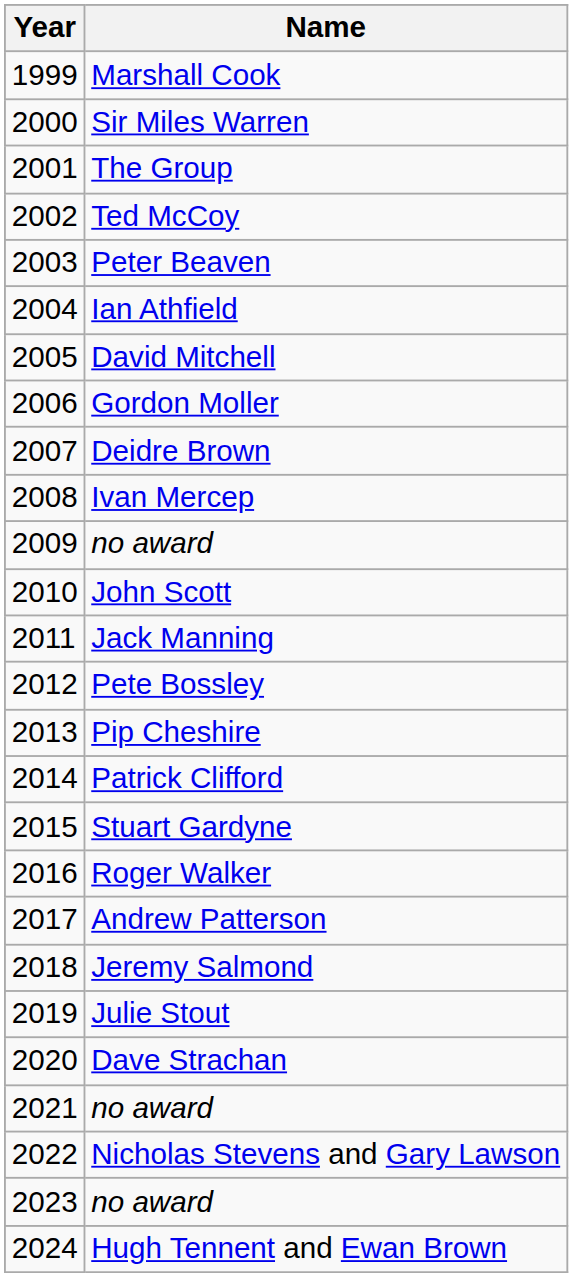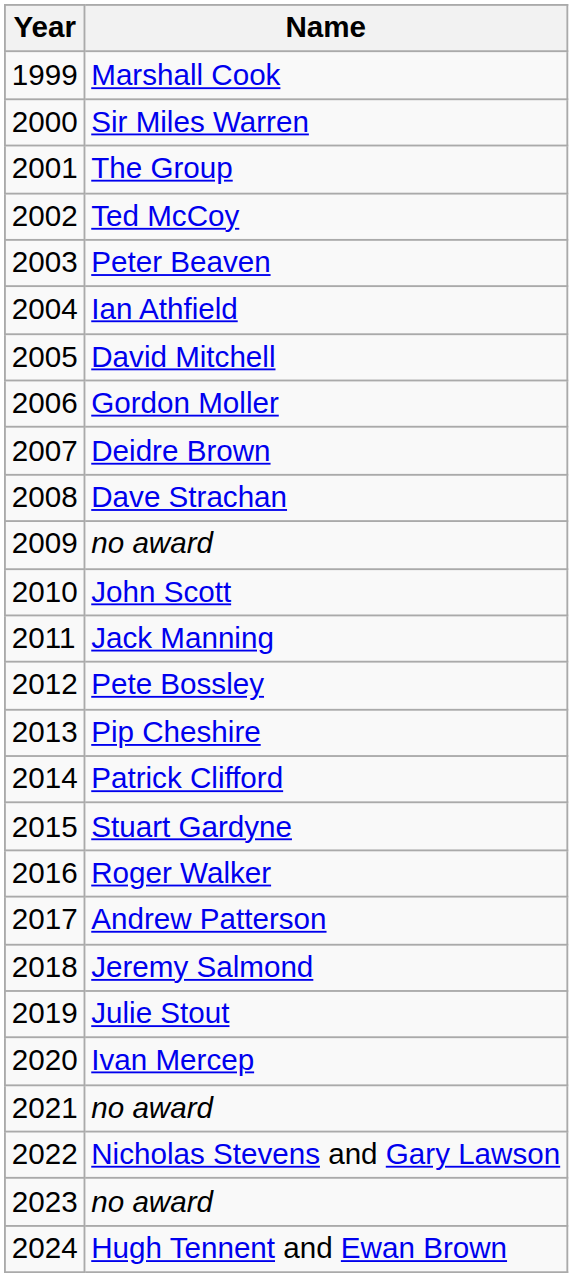 <table class="wikitable">
 <tr>
 <th>Year</th>
 <th>Name</th>
 </tr>
 <tr>
 <td>1999</td>
 <td><a href='#'>Marshall Cook</a></td>
 </tr>
 <tr>
 <td>2000</td>
 <td><a href='#'>Sir Miles Warren</a></td>
 </tr>
 <tr>
 <td>2001</td>
 <td><a href='#'>The Group</a></td>
 </tr>
 <tr>
 <td>2002</td>
 <td><a href='#'>Ted McCoy</a></td>
 </tr>
 <tr>
 <td>2003</td>
 <td><a href='#'>Peter Beaven</a></td>
 </tr>
 <tr>
 <td>2004</td>
 <td><a href='#'>Ian Athfield</a></td>
 </tr>
 <tr>
 <td>2005</td>
 <td><a href='#'>David Mitchell</a></td>
 </tr>
 <tr>
 <td>2006</td>
 <td><a href='#'>Gordon Moller</a></td>
 </tr>
 <tr>
 <td>2007</td>
 <td><a href='#'>Deidre Brown</a></td>
 </tr>
 <tr>
 <td>2008</td>
-<td><a href='#'>Ivan Mercep</a></td>
+<td><a href='#'>Dave Strachan</a></td>
 </tr>
 <tr>
 <td>2009</td>
 <td><em>no award</em></td>
 </tr>
 <tr>
 <td>2010</td>
 <td><a href='#'>John Scott</a></td>
 </tr>
 <tr>
 <td>2011</td>
 <td><a href='#'>Jack Manning</a></td>
 </tr>
 <tr>
 <td>2012</td>
 <td><a href='#'>Pete Bossley</a></td>
 </tr>
 <tr>
 <td>2013</td>
 <td><a href='#'>Pip Cheshire</a></td>
 </tr>
 <tr>
 <td>2014</td>
 <td><a href='#'>Patrick Clifford</a></td>
 </tr>
 <tr>
 <td>2015</td>
 <td><a href='#'>Stuart Gardyne</a></td>
 </tr>
 <tr>
 <td>2016</td>
 <td><a href='#'>Roger Walker</a></td>
 </tr>
 <tr>
 <td>2017</td>
 <td><a href='#'>Andrew Patterson</a></td>
 </tr>
 <tr>
 <td>2018</td>
 <td><a href='#'>Jeremy Salmond</a></td>
 </tr>
 <tr>
 <td>2019</td>
 <td><a href='#'>Julie Stout</a></td>
 </tr>
 <tr>
 <td>2020</td>
-<td><a href='#'>Dave Strachan</a></td>
+<td><a href='#'>Ivan Mercep</a></td>
 </tr>
 <tr>
 <td>2021</td>
 <td><em>no award</em></td>
 </tr>
 <tr>
 <td>2022</td>
 <td><a href='#'>Nicholas Stevens</a> and <a href='#'>Gary Lawson</a></td>
 </tr>
 <tr>
 <td>2023</td>
 <td><em>no award</em></td>
 </tr>
 <tr>
 <td>2024</td>
 <td><a href='#'>Hugh Tennent</a> and <a href='#'>Ewan Brown</a></td>
 </tr>
 </table>
